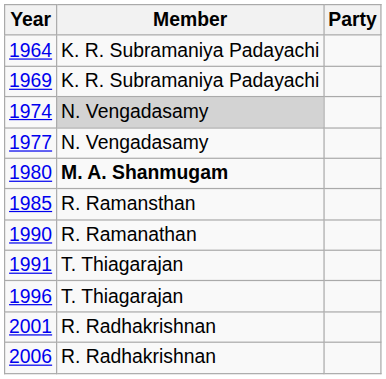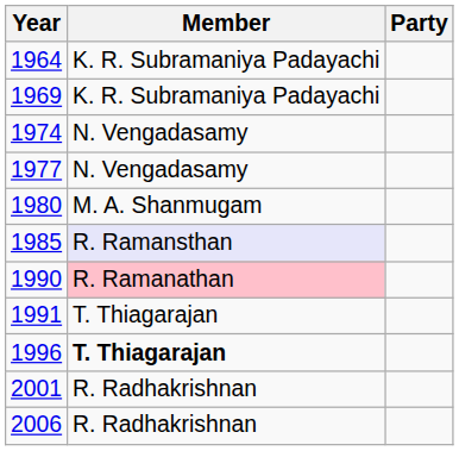 <table class="wikitable sortable">
 <tr>
 <th>Year</th>
 <th>Member</th>
 <th colspan=2>Party</th>
 </tr>
 <tr>
 <td><a href='#'>1964</a></td>
 <td>K. R. Subramaniya Padayachi</td>
 <td></td>
 </tr>
 <tr>
 <td><a href='#'>1969</a></td>
 <td>K. R. Subramaniya Padayachi</td>
 <td></td>
 </tr>
 <tr>
 <td><a href='#'>1974</a></td>
-<td style="background: lightgrey;">N. Vengadasamy</td>
+<td>N. Vengadasamy</td>
 <td></td>
 </tr>
 <tr>
 <td><a href='#'>1977</a></td>
 <td>N. Vengadasamy</td>
 <td></td>
 </tr>
 <tr>
 <td><a href='#'>1980</a></td>
-<td><strong>M. A. Shanmugam</strong></td>
+<td>M. A. Shanmugam</td>
 <td></td>
 </tr>
 <tr>
 <td><a href='#'>1985</a></td>
-<td>R. Ramansthan</td>
+<td style="background: lavender;">R. Ramansthan</td>
 <td></td>
 </tr>
 <tr>
 <td><a href='#'>1990</a></td>
-<td>R. Ramanathan</td>
+<td style="background: pink;">R. Ramanathan</td>
 <td></td>
 </tr>
 <tr>
 <td><a href='#'>1991</a></td>
 <td>T. Thiagarajan</td>
 <td></td>
 </tr>
 <tr>
 <td><a href='#'>1996</a></td>
-<td>T. Thiagarajan</td>
+<td><strong>T. Thiagarajan</strong></td>
 <td></td>
 </tr>
 <tr>
 <td><a href='#'>2001</a></td>
 <td>R. Radhakrishnan</td>
 <td></td>
 </tr>
 <tr>
 <td><a href='#'>2006</a></td>
 <td>R. Radhakrishnan</td>
 <td></td>
 </tr>
 </table>
